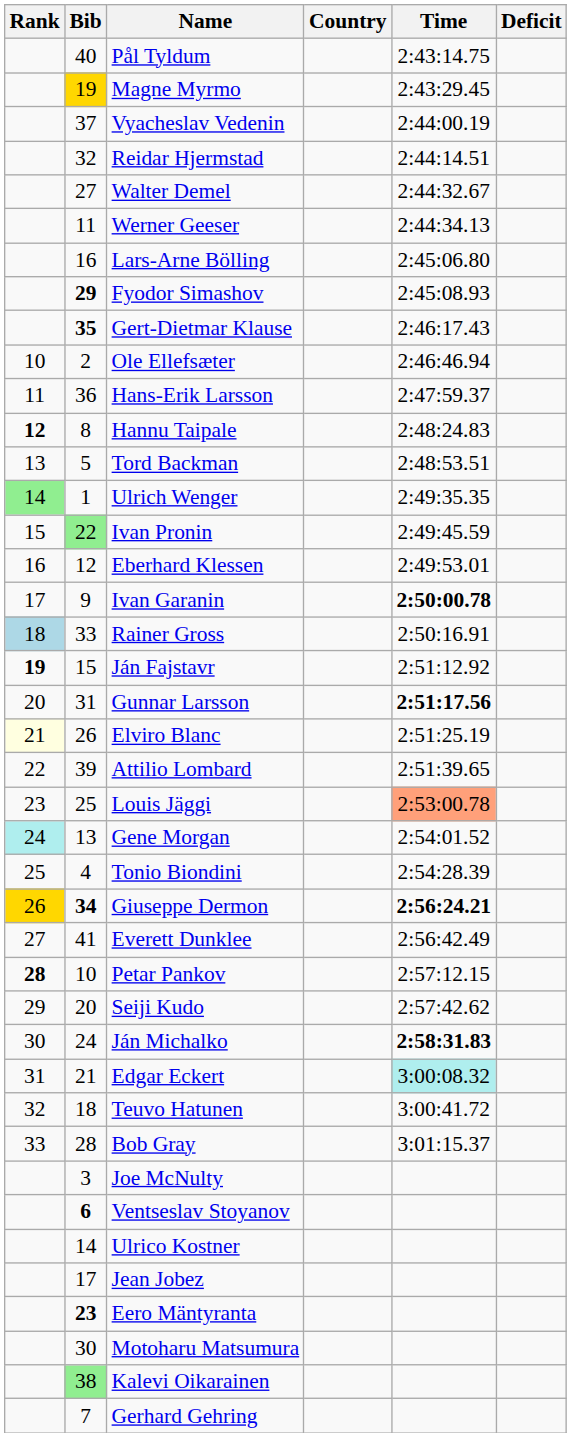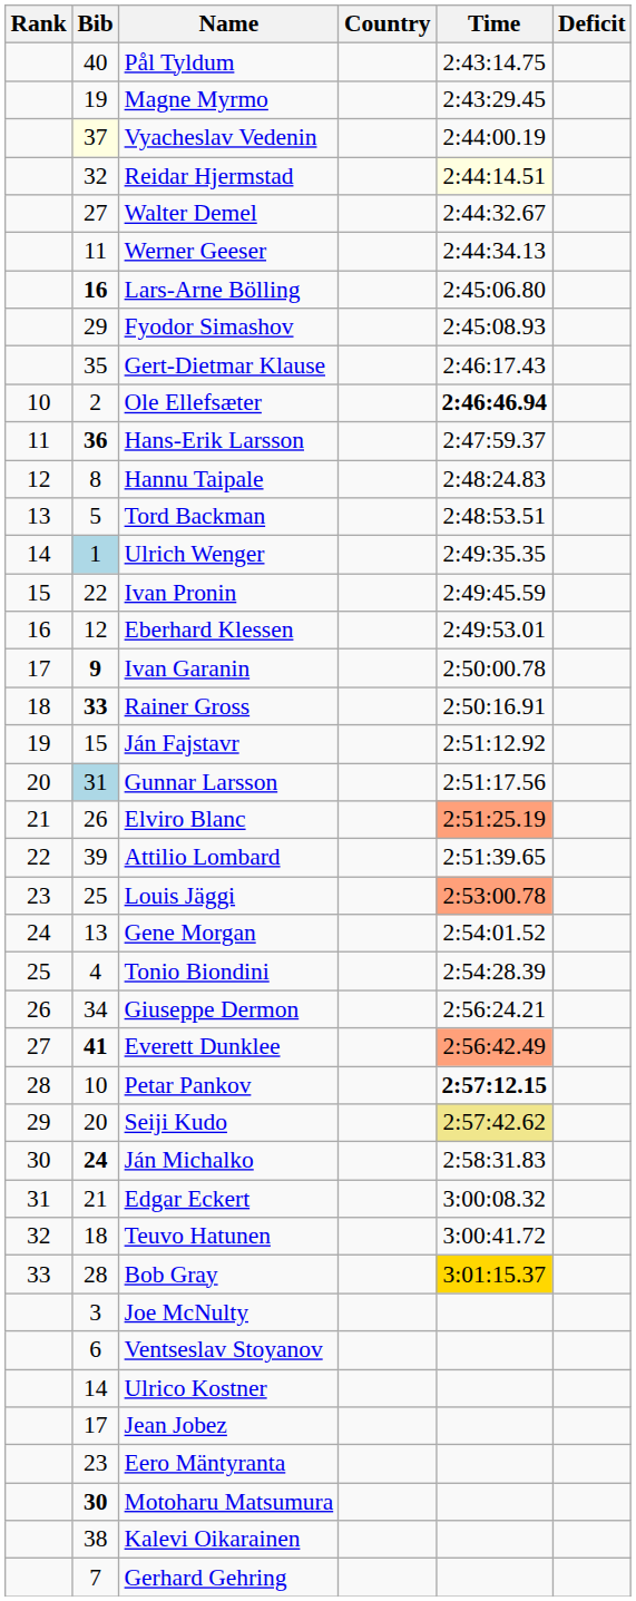 <table class="wikitable sortable" style="text-align:center">
 <tr>
 <th>Rank</th>
 <th>Bib</th>
 <th>Name</th>
 <th>Country</th>
 <th>Time</th>
 <th>Deficit</th>
 </tr>
 <tr>
 <td></td>
 <td>40</td>
 <td style="text-align:left;"><a href='#'>Pål Tyldum</a></td>
 <td style="text-align:left;"></td>
 <td>2:43:14.75</td>
 <td></td>
 </tr>
 <tr>
 <td></td>
-<td style="background: gold;">19</td>
+<td>19</td>
 <td style="text-align:left;"><a href='#'>Magne Myrmo</a></td>
 <td style="text-align:left;"></td>
 <td>2:43:29.45</td>
 <td align=right></td>
 </tr>
 <tr>
 <td></td>
-<td>37</td>
+<td style="background: lightyellow;">37</td>
 <td style="text-align:left;"><a href='#'>Vyacheslav Vedenin</a></td>
 <td style="text-align:left;"></td>
 <td>2:44:00.19</td>
 <td align=right></td>
 </tr>
 <tr>
 <td></td>
 <td>32</td>
 <td style="text-align:left;"><a href='#'>Reidar Hjermstad</a></td>
 <td style="text-align:left;"></td>
-<td>2:44:14.51</td>
+<td style="background: lightyellow;">2:44:14.51</td>
 <td align=right></td>
 </tr>
 <tr>
 <td></td>
 <td>27</td>
 <td style="text-align:left;"><a href='#'>Walter Demel</a></td>
 <td style="text-align:left;"></td>
 <td>2:44:32.67</td>
 <td align=right></td>
 </tr>
 <tr>
 <td></td>
 <td>11</td>
 <td style="text-align:left;"><a href='#'>Werner Geeser</a></td>
 <td style="text-align:left;"></td>
 <td>2:44:34.13</td>
 <td align=right></td>
 </tr>
 <tr>
 <td></td>
-<td>16</td>
+<td><strong>16</strong></td>
 <td style="text-align:left;"><a href='#'>Lars-Arne Bölling</a></td>
 <td style="text-align:left;"></td>
 <td>2:45:06.80</td>
 <td align=right></td>
 </tr>
 <tr>
 <td></td>
-<td><strong>29</strong></td>
+<td>29</td>
 <td style="text-align:left;"><a href='#'>Fyodor Simashov</a></td>
 <td style="text-align:left;"></td>
 <td>2:45:08.93</td>
 <td align=right></td>
 </tr>
 <tr>
 <td></td>
-<td><strong>35</strong></td>
+<td>35</td>
 <td style="text-align:left;"><a href='#'>Gert-Dietmar Klause</a></td>
 <td style="text-align:left;"></td>
 <td>2:46:17.43</td>
 <td align=right></td>
 </tr>
 <tr>
 <td>10</td>
 <td>2</td>
 <td style="text-align:left;"><a href='#'>Ole Ellefsæter</a></td>
 <td style="text-align:left;"></td>
-<td>2:46:46.94</td>
+<td><strong>2:46:46.94</strong></td>
 <td align=right></td>
 </tr>
 <tr>
 <td>11</td>
-<td>36</td>
+<td><strong>36</strong></td>
 <td style="text-align:left;"><a href='#'>Hans-Erik Larsson</a></td>
 <td style="text-align:left;"></td>
 <td>2:47:59.37</td>
 <td align=right></td>
 </tr>
 <tr>
-<td><strong>12</strong></td>
+<td>12</td>
 <td>8</td>
 <td style="text-align:left;"><a href='#'>Hannu Taipale</a></td>
 <td style="text-align:left;"></td>
 <td>2:48:24.83</td>
 <td align=right></td>
 </tr>
 <tr>
 <td>13</td>
 <td>5</td>
 <td style="text-align:left;"><a href='#'>Tord Backman</a></td>
 <td style="text-align:left;"></td>
 <td>2:48:53.51</td>
 <td align=right></td>
 </tr>
 <tr>
-<td style="background: lightgreen;">14</td>
-<td>1</td>
+<td>14</td>
+<td style="background: lightblue;">1</td>
 <td style="text-align:left;"><a href='#'>Ulrich Wenger</a></td>
 <td style="text-align:left;"></td>
 <td>2:49:35.35</td>
 <td align=right></td>
 </tr>
 <tr>
 <td>15</td>
-<td style="background: lightgreen;">22</td>
+<td>22</td>
 <td style="text-align:left;"><a href='#'>Ivan Pronin</a></td>
 <td style="text-align:left;"></td>
 <td>2:49:45.59</td>
 <td align=right></td>
 </tr>
 <tr>
 <td>16</td>
 <td>12</td>
 <td style="text-align:left;"><a href='#'>Eberhard Klessen</a></td>
 <td style="text-align:left;"></td>
 <td>2:49:53.01</td>
 <td align=right></td>
 </tr>
 <tr>
 <td>17</td>
-<td>9</td>
+<td><strong>9</strong></td>
 <td style="text-align:left;"><a href='#'>Ivan Garanin</a></td>
 <td style="text-align:left;"></td>
-<td><strong>2:50:00.78</strong></td>
+<td>2:50:00.78</td>
 <td align=right></td>
 </tr>
 <tr>
-<td style="background: lightblue;">18</td>
-<td>33</td>
+<td>18</td>
+<td><strong>33</strong></td>
 <td style="text-align:left;"><a href='#'>Rainer Gross</a></td>
 <td style="text-align:left;"></td>
 <td>2:50:16.91</td>
 <td align=right></td>
 </tr>
 <tr>
-<td><strong>19</strong></td>
+<td>19</td>
 <td>15</td>
 <td style="text-align:left;"><a href='#'>Ján Fajstavr</a></td>
 <td style="text-align:left;"></td>
 <td>2:51:12.92</td>
 <td align=right></td>
 </tr>
 <tr>
 <td>20</td>
-<td>31</td>
+<td style="background: lightblue;">31</td>
 <td style="text-align:left;"><a href='#'>Gunnar Larsson</a></td>
 <td style="text-align:left;"></td>
-<td><strong>2:51:17.56</strong></td>
+<td>2:51:17.56</td>
 <td align=right></td>
 </tr>
 <tr>
-<td style="background: lightyellow;">21</td>
+<td>21</td>
 <td>26</td>
 <td style="text-align:left;"><a href='#'>Elviro Blanc</a></td>
 <td style="text-align:left;"></td>
-<td>2:51:25.19</td>
+<td style="background: lightsalmon;">2:51:25.19</td>
 <td align=right></td>
 </tr>
 <tr>
 <td>22</td>
 <td>39</td>
 <td style="text-align:left;"><a href='#'>Attilio Lombard</a></td>
 <td style="text-align:left;"></td>
 <td>2:51:39.65</td>
 <td align=right></td>
 </tr>
 <tr>
 <td>23</td>
 <td>25</td>
 <td style="text-align:left;"><a href='#'>Louis Jäggi</a></td>
 <td style="text-align:left;"></td>
 <td style="background: lightsalmon;">2:53:00.78</td>
 <td align=right></td>
 </tr>
 <tr>
-<td style="background: paleturquoise;">24</td>
+<td>24</td>
 <td>13</td>
 <td style="text-align:left;"><a href='#'>Gene Morgan</a></td>
 <td style="text-align:left;"></td>
 <td>2:54:01.52</td>
 <td align=right></td>
 </tr>
 <tr>
 <td>25</td>
 <td>4</td>
 <td style="text-align:left;"><a href='#'>Tonio Biondini</a></td>
 <td style="text-align:left;"></td>
 <td>2:54:28.39</td>
 <td align=right></td>
 </tr>
 <tr>
-<td style="background: gold;">26</td>
-<td><strong>34</strong></td>
+<td>26</td>
+<td>34</td>
 <td style="text-align:left;"><a href='#'>Giuseppe Dermon</a></td>
 <td style="text-align:left;"></td>
-<td><strong>2:56:24.21</strong></td>
+<td>2:56:24.21</td>
 <td align=right></td>
 </tr>
 <tr>
 <td>27</td>
-<td>41</td>
+<td><strong>41</strong></td>
 <td style="text-align:left;"><a href='#'>Everett Dunklee</a></td>
 <td style="text-align:left;"></td>
-<td>2:56:42.49</td>
+<td style="background: lightsalmon;">2:56:42.49</td>
 <td align=right></td>
 </tr>
 <tr>
-<td><strong>28</strong></td>
+<td>28</td>
 <td>10</td>
 <td style="text-align:left;"><a href='#'>Petar Pankov</a></td>
 <td style="text-align:left;"></td>
-<td>2:57:12.15</td>
+<td><strong>2:57:12.15</strong></td>
 <td align=right></td>
 </tr>
 <tr>
 <td>29</td>
 <td>20</td>
 <td style="text-align:left;"><a href='#'>Seiji Kudo</a></td>
 <td style="text-align:left;"></td>
-<td>2:57:42.62</td>
+<td style="background: khaki;">2:57:42.62</td>
 <td align=right></td>
 </tr>
 <tr>
 <td>30</td>
-<td>24</td>
+<td><strong>24</strong></td>
 <td style="text-align:left;"><a href='#'>Ján Michalko</a></td>
 <td style="text-align:left;"></td>
-<td><strong>2:58:31.83</strong></td>
+<td>2:58:31.83</td>
 <td align=right></td>
 </tr>
 <tr>
 <td>31</td>
 <td>21</td>
 <td style="text-align:left;"><a href='#'>Edgar Eckert</a></td>
 <td style="text-align:left;"></td>
-<td style="background: paleturquoise;">3:00:08.32</td>
+<td>3:00:08.32</td>
 <td align=right></td>
 </tr>
 <tr>
 <td>32</td>
 <td>18</td>
 <td style="text-align:left;"><a href='#'>Teuvo Hatunen</a></td>
 <td style="text-align:left;"></td>
 <td>3:00:41.72</td>
 <td align=right></td>
 </tr>
 <tr>
 <td>33</td>
 <td>28</td>
 <td style="text-align:left;"><a href='#'>Bob Gray</a></td>
 <td style="text-align:left;"></td>
-<td>3:01:15.37</td>
+<td style="background: gold;">3:01:15.37</td>
 <td align=right></td>
 </tr>
 <tr>
 <td></td>
 <td>3</td>
 <td style="text-align:left;"><a href='#'>Joe McNulty</a></td>
 <td style="text-align:left;"></td>
 <td></td>
 <td></td>
 </tr>
 <tr>
 <td></td>
-<td><strong>6</strong></td>
+<td>6</td>
 <td style="text-align:left;"><a href='#'>Ventseslav Stoyanov</a></td>
 <td style="text-align:left;"></td>
 <td></td>
 <td></td>
 </tr>
 <tr>
 <td></td>
 <td>14</td>
 <td style="text-align:left;"><a href='#'>Ulrico Kostner</a></td>
 <td style="text-align:left;"></td>
 <td></td>
 <td></td>
 </tr>
 <tr>
 <td></td>
 <td>17</td>
 <td style="text-align:left;"><a href='#'>Jean Jobez</a></td>
 <td style="text-align:left;"></td>
 <td></td>
 <td></td>
 </tr>
 <tr>
 <td></td>
-<td><strong>23</strong></td>
+<td>23</td>
 <td style="text-align:left;"><a href='#'>Eero Mäntyranta</a></td>
 <td style="text-align:left;"></td>
 <td></td>
 <td></td>
 </tr>
 <tr>
 <td></td>
-<td>30</td>
+<td><strong>30</strong></td>
 <td style="text-align:left;"><a href='#'>Motoharu Matsumura</a></td>
 <td style="text-align:left;"></td>
 <td></td>
 <td></td>
 </tr>
 <tr>
 <td></td>
-<td style="background: lightgreen;">38</td>
+<td>38</td>
 <td style="text-align:left;"><a href='#'>Kalevi Oikarainen</a></td>
 <td style="text-align:left;"></td>
 <td></td>
 <td></td>
 </tr>
 <tr>
 <td></td>
 <td>7</td>
 <td style="text-align:left;"><a href='#'>Gerhard Gehring</a></td>
 <td style="text-align:left;"></td>
 <td></td>
 <td></td>
 </tr>
 </table>
